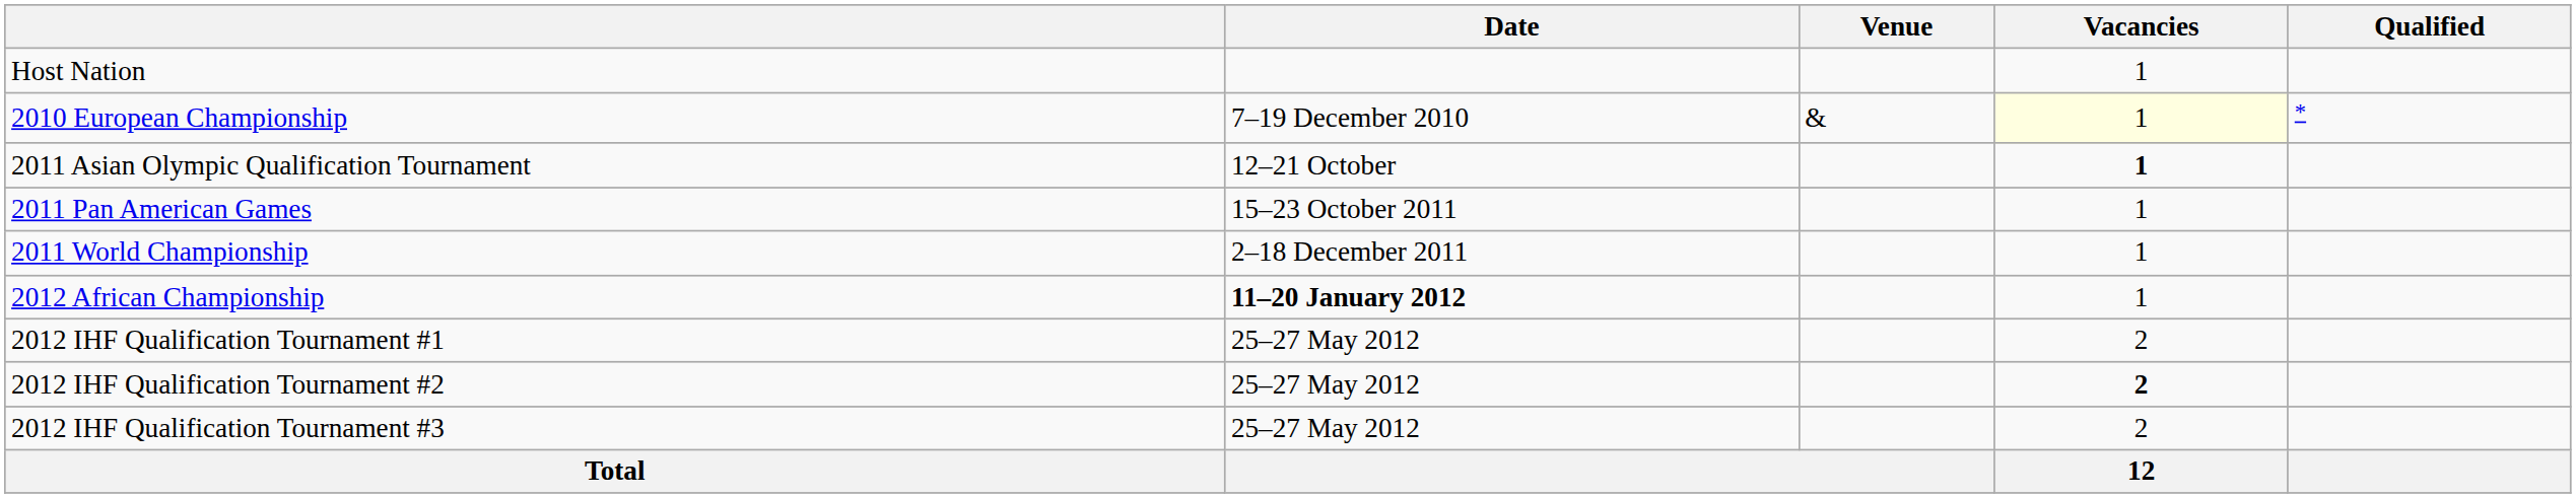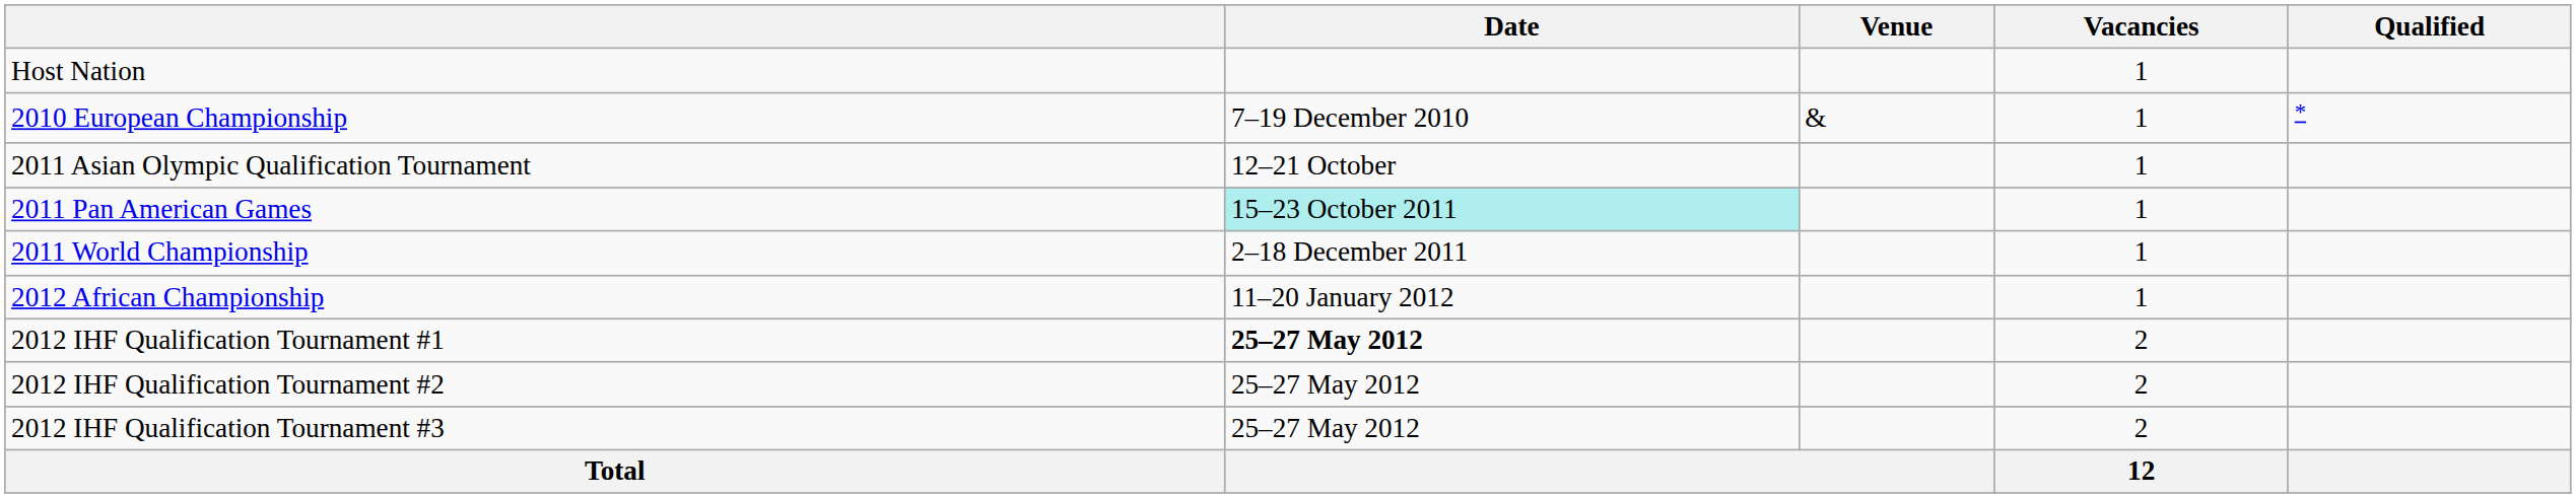 <table class="wikitable" width=75%>
 <tr>
 <th></th>
 <th>Date</th>
 <th>Venue</th>
 <th>Vacancies</th>
 <th>Qualified</th>
 </tr>
 <tr>
 <td>Host Nation</td>
 <td></td>
 <td></td>
 <td align="center">1</td>
 <td></td>
 </tr>
 <tr>
 <td><a href='#'>2010 European Championship</a></td>
 <td>7–19 December 2010</td>
 <td> & </td>
-<td align="center" style="background: lightyellow;">1</td>
+<td align="center">1</td>
 <td> <sup> <a href='#'>*</a> </sup></td>
 </tr>
 <tr>
 <td>2011 Asian Olympic Qualification Tournament</td>
 <td>12–21 October</td>
 <td></td>
-<td align="center"><strong>1</strong></td>
+<td align="center">1</td>
 <td></td>
 </tr>
 <tr>
 <td><a href='#'>2011 Pan American Games</a></td>
-<td>15–23 October 2011</td>
+<td style="background: paleturquoise;">15–23 October 2011</td>
 <td></td>
 <td align="center">1</td>
 <td></td>
 </tr>
 <tr>
 <td><a href='#'>2011 World Championship</a></td>
 <td>2–18 December 2011</td>
 <td></td>
 <td align="center">1</td>
 <td></td>
 </tr>
 <tr>
 <td><a href='#'>2012 African Championship</a></td>
-<td><strong>11–20 January 2012</strong></td>
+<td>11–20 January 2012</td>
 <td></td>
 <td align="center">1</td>
 <td></td>
 </tr>
 <tr>
 <td>2012 IHF Qualification Tournament #1</td>
-<td>25–27 May 2012</td>
+<td><strong>25–27 May 2012</strong></td>
 <td></td>
 <td align="center">2</td>
 <td> <br> </td>
 </tr>
 <tr>
 <td>2012 IHF Qualification Tournament #2</td>
 <td>25–27 May 2012</td>
 <td></td>
-<td align="center"><strong>2</strong></td>
+<td align="center">2</td>
 <td> <br> </td>
 </tr>
 <tr>
 <td>2012 IHF Qualification Tournament #3</td>
 <td>25–27 May 2012</td>
 <td></td>
 <td align="center">2</td>
 <td> <br> </td>
 </tr>
 <tr>
 <th>Total</th>
 <th colspan="2"></th>
 <th>12</th>
 <th></th>
 </tr>
 </table>
